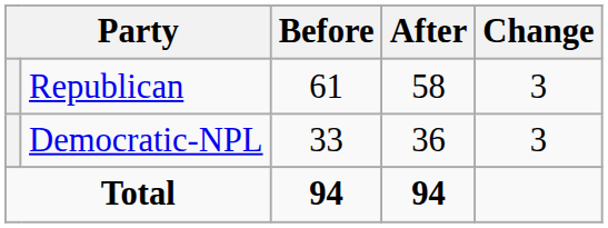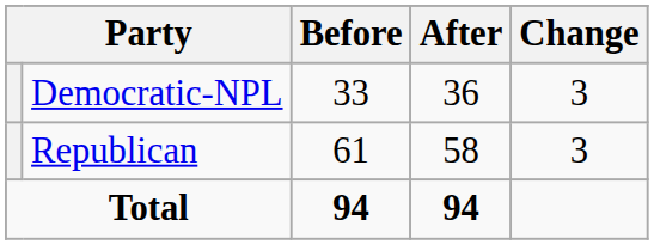 <table class="wikitable" style="text-align:center;">
 <tr>
 <th colspan="2">Party</th>
 <th>Before</th>
 <th>After</th>
 <th>Change</th>
 </tr>
 <tr>
 <th style="background-color:"></th>
-<td style="text-align:left;"><a href='#'>Republican</a></td>
-<td>61</td>
-<td>58</td>
+<td style="text-align:left;"><a href='#'>Democratic-NPL</a></td>
+<td>33</td>
+<td>36</td>
 <td> 3</td>
 </tr>
 <tr>
 <th style="background-color:"></th>
-<td style="text-align:left;"><a href='#'>Democratic-NPL</a></td>
-<td>33</td>
-<td>36</td>
+<td style="text-align:left;"><a href='#'>Republican</a></td>
+<td>61</td>
+<td>58</td>
 <td> 3</td>
 </tr>
 <tr>
 <td colspan="2"><strong>Total</strong></td>
 <td><strong>94</strong></td>
 <td><strong>94</strong></td>
 <td></td>
 </tr>
 </table>
